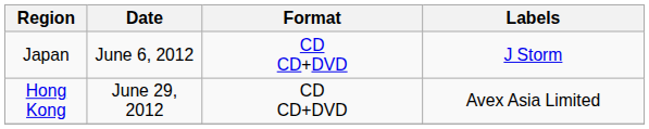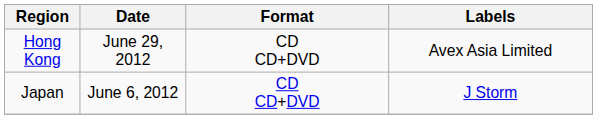 <table class="wikitable">
 <tr>
 <th style="width:70px;">Region</th>
 <th style="width:100px;">Date</th>
 <th style="width:200px;">Format</th>
 <th style="width:200px;">Labels</th>
 </tr>
 <tr>
+<td style="text-align:center;"><a href='#'>Hong Kong</a></td>
+<td style="text-align:center;">June 29, 2012</td>
+<td style="text-align:center;">CD<br>CD+DVD</td>
+<td style="text-align:center;">Avex Asia Limited</td>
+</tr>
+<tr>
 <td style="text-align:center;">Japan</td>
 <td style="text-align:center;">June 6, 2012</td>
 <td style="text-align:center;"><a href='#'>CD</a> <br><a href='#'>CD</a>+<a href='#'>DVD</a></td>
 <td style="text-align:center;"><a href='#'>J Storm</a></td>
 </tr>
 <tr>
-<td style="text-align:center;"><a href='#'>Hong Kong</a></td>
-<td style="text-align:center;">June 29, 2012</td>
-<td style="text-align:center;">CD<br>CD+DVD</td>
-<td style="text-align:center;">Avex Asia Limited</td>
-</tr>
-<tr>
 </tr>
 </table>
